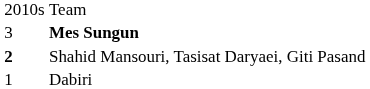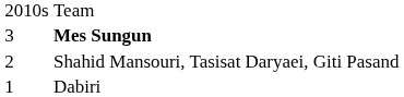 <table>
 <tr>
 <td><br><div>2010s</div></td>
 <td><br><div>Team</div></td>
 </tr>
 <tr>
 <td><div>3</div></td>
 <td><strong>Mes Sungun</strong></td>
 </tr>
 <tr>
-<td><strong><div>2</div></strong></td>
+<td><div>2</div></td>
 <td>Shahid Mansouri, Tasisat Daryaei, Giti Pasand</td>
 </tr>
 <tr>
 <td><div>1</div></td>
 <td>Dabiri</td>
 </tr>
 </table>
